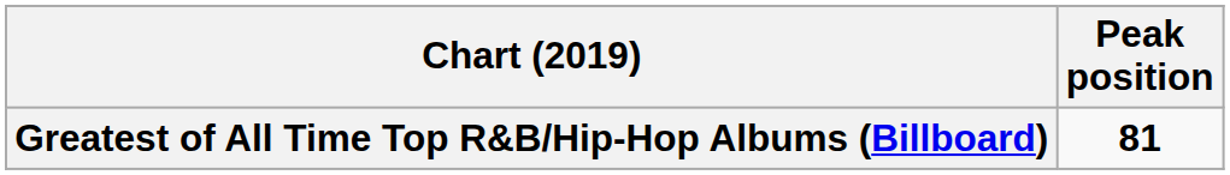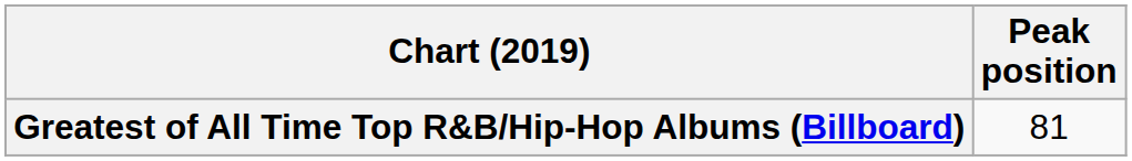 <table class="wikitable sortable plainrowheaders">
 <tr>
 <th scope="col">Chart (2019)</th>
 <th scope="col">Peak<br>position</th>
 </tr>
 <tr>
 <th scope="row">Greatest of All Time Top R&B/Hip-Hop Albums (<a href='#'>Billboard</a>)</th>
-<td style="text-align:center;"><strong>81</strong></td>
+<td style="text-align:center;">81</td>
 </tr>
 </table>
